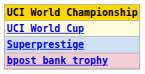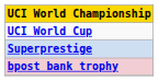 <table class= "wikitable" align= "center">
 <tr>
 <td style="background: #FFD700;"><strong>UCI World Championship</strong></td>
 </tr>
 <tr>
-<td style="background: lightyellow;"><strong><a href='#'>UCI World Cup</a></strong></td>
+<td><strong><a href='#'>UCI World Cup</a></strong></td>
 </tr>
 <tr>
 <td style= "background:#CEDFF2;"><strong><a href='#'>Superprestige</a></strong></td>
 </tr>
 <tr>
 <td style= "background:#F2CED4;"><strong><a href='#'>bpost bank trophy</a></strong></td>
 </tr>
 <tr>
 </tr>
 </table>
